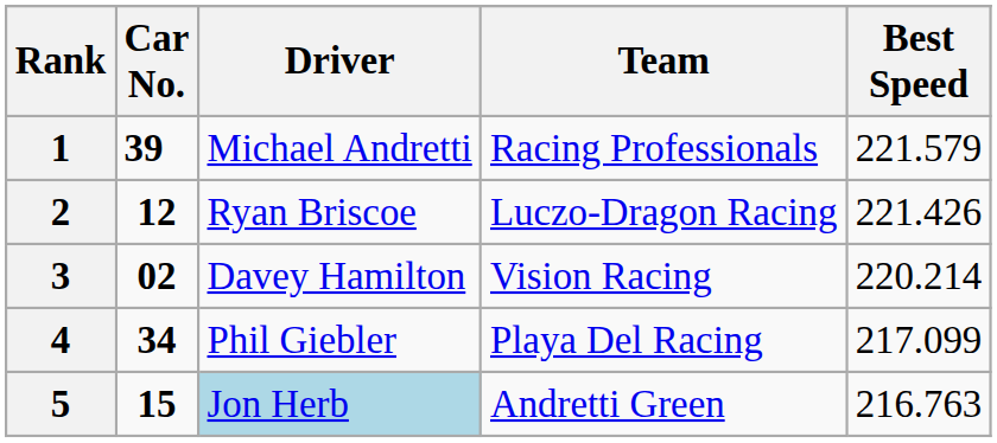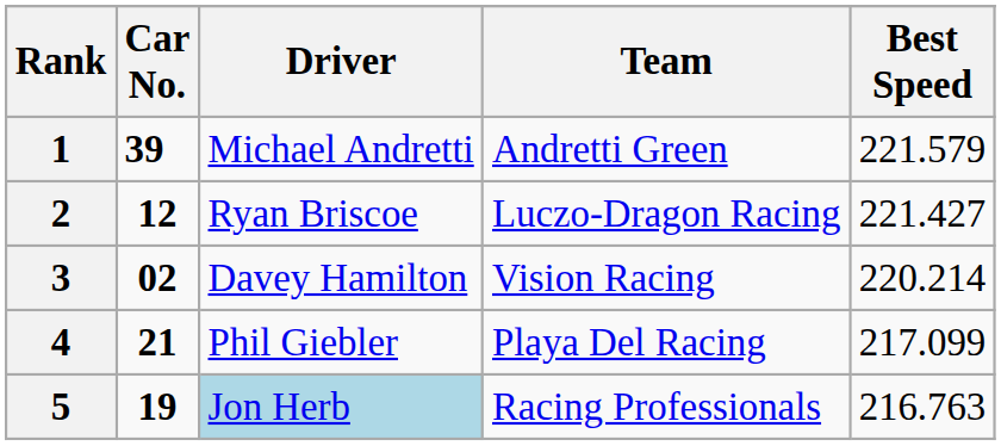 <table class="wikitable" style="font-size:95%;">
 <tr>
 </tr>
 <tr>
 <th>Rank</th>
 <th>Car<br>No.</th>
 <th>Driver</th>
 <th>Team</th>
 <th>Best<br>Speed</th>
 </tr>
 <tr>
 <th>1</th>
 <td style="text- align:center"><strong>39</strong></td>
 <td> <a href='#'>Michael Andretti</a></td>
-<td><a href='#'>Racing Professionals</a></td>
+<td><a href='#'>Andretti Green</a></td>
 <td align=center>221.579</td>
 </tr>
 <tr>
 <th>2</th>
 <td style="text-align:center"><strong>12</strong></td>
 <td> <a href='#'>Ryan Briscoe</a></td>
 <td><a href='#'>Luczo-Dragon Racing</a></td>
-<td align=center>221.426</td>
+<td align=center>221.427</td>
 </tr>
 <tr>
 <th>3</th>
 <td style="text-align:center"><strong>02</strong></td>
 <td> <a href='#'>Davey Hamilton</a></td>
 <td><a href='#'>Vision Racing</a></td>
 <td align=center>220.214</td>
 </tr>
 <tr>
 <th>4</th>
-<td style="text-align:center"><strong>34</strong></td>
+<td style="text-align:center"><strong>21</strong></td>
 <td> <a href='#'>Phil Giebler</a> <strong></strong></td>
 <td><a href='#'>Playa Del Racing</a></td>
 <td align=center>217.099</td>
 </tr>
 <tr>
 <th>5</th>
-<td style="text-align:center"><strong>15</strong></td>
+<td style="text-align:center"><strong>19</strong></td>
 <td style="background: lightblue;"> <a href='#'>Jon Herb</a></td>
-<td><a href='#'>Andretti Green</a></td>
+<td><a href='#'>Racing Professionals</a></td>
 <td align=center>216.763</td>
 </tr>
 </table>
